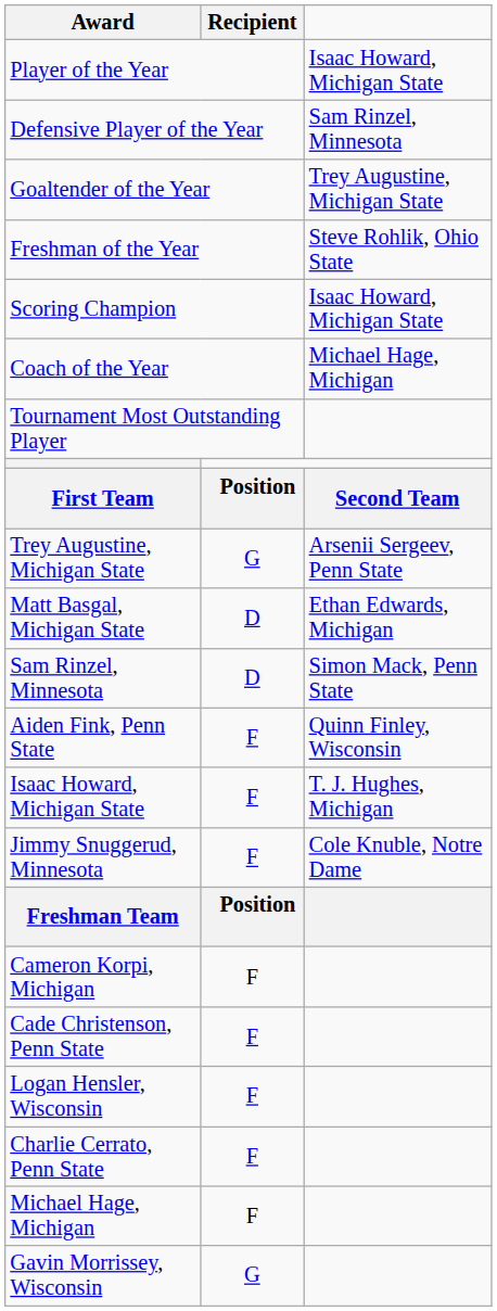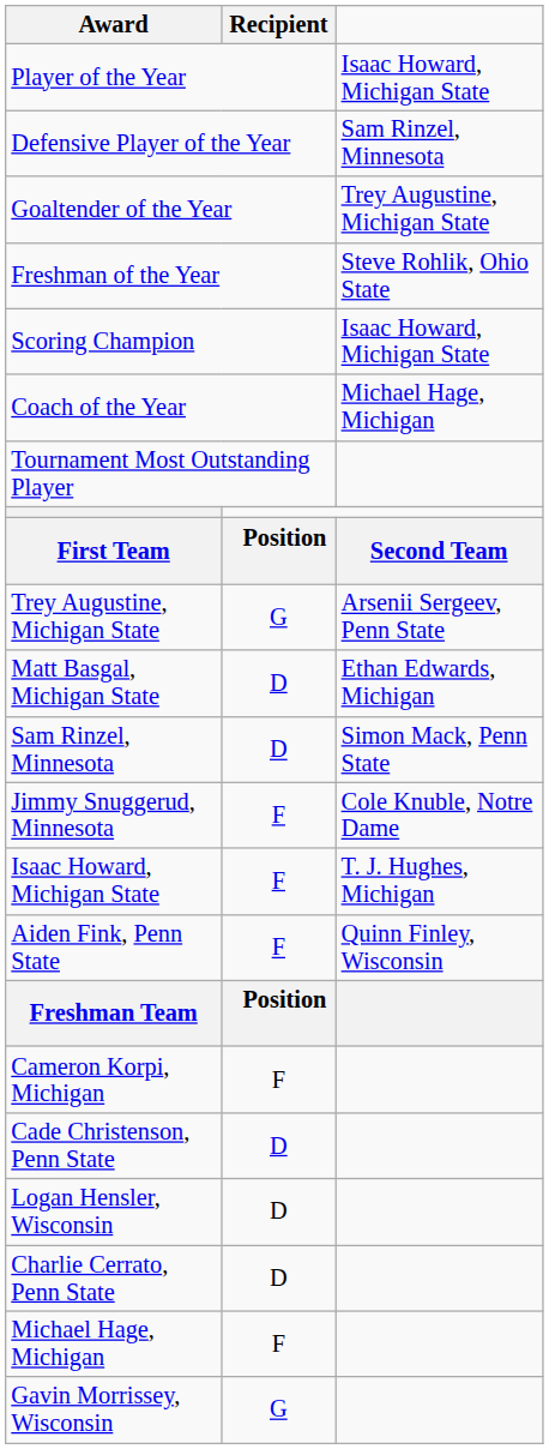 <table class="wikitable" width=40%>
 <tr>
 <th>Award</th>
 <th>Recipient </th>
 </tr>
 <tr>
 <td colspan=2><a href='#'>Player of the Year</a></td>
 <td><a href='#'>Isaac Howard</a>, <a href='#'>Michigan State</a></td>
 </tr>
 <tr>
 <td colspan=2><a href='#'>Defensive Player of the Year</a></td>
 <td><a href='#'>Sam Rinzel</a>, <a href='#'>Minnesota</a></td>
 </tr>
 <tr>
 <td colspan=2><a href='#'>Goaltender of the Year</a></td>
 <td><a href='#'>Trey Augustine</a>, <a href='#'>Michigan State</a></td>
 </tr>
 <tr>
 <td colspan=2><a href='#'>Freshman of the Year</a></td>
 <td><a href='#'>Steve Rohlik</a>, <a href='#'>Ohio State</a></td>
 </tr>
 <tr>
 <td colspan=2><a href='#'>Scoring Champion</a></td>
 <td><a href='#'>Isaac Howard</a>, <a href='#'>Michigan State</a></td>
 </tr>
 <tr>
 <td colspan=2><a href='#'>Coach of the Year</a></td>
 <td><a href='#'>Michael Hage</a>, <a href='#'>Michigan</a></td>
 </tr>
 <tr>
 <td colspan=2><a href='#'>Tournament Most Outstanding Player</a></td>
 <td></td>
 </tr>
 <tr>
 <th><a href='#'></a></th>
 </tr>
 <tr>
 <th><a href='#'>First Team</a></th>
 <th>  Position  </th>
 <th><a href='#'>Second Team</a></th>
 </tr>
 <tr>
 <td><a href='#'>Trey Augustine</a>, <a href='#'>Michigan State</a></td>
 <td align=center><a href='#'>G</a></td>
 <td><a href='#'>Arsenii Sergeev</a>, <a href='#'>Penn State</a></td>
 </tr>
 <tr>
 <td><a href='#'>Matt Basgal</a>, <a href='#'>Michigan State</a></td>
 <td align=center><a href='#'>D</a></td>
 <td><a href='#'>Ethan Edwards</a>, <a href='#'>Michigan</a></td>
 </tr>
 <tr>
 <td><a href='#'>Sam Rinzel</a>, <a href='#'>Minnesota</a></td>
 <td align=center><a href='#'>D</a></td>
 <td><a href='#'>Simon Mack</a>, <a href='#'>Penn State</a></td>
 </tr>
 <tr>
-<td><a href='#'>Aiden Fink</a>, <a href='#'>Penn State</a></td>
+<td><a href='#'>Jimmy Snuggerud</a>, <a href='#'>Minnesota</a></td>
 <td align=center><a href='#'>F</a></td>
-<td><a href='#'>Quinn Finley</a>, <a href='#'>Wisconsin</a></td>
+<td><a href='#'>Cole Knuble</a>, <a href='#'>Notre Dame</a></td>
 </tr>
 <tr>
 <td><a href='#'>Isaac Howard</a>, <a href='#'>Michigan State</a></td>
 <td align=center><a href='#'>F</a></td>
 <td><a href='#'>T. J. Hughes</a>, <a href='#'>Michigan</a></td>
 </tr>
 <tr>
-<td><a href='#'>Jimmy Snuggerud</a>, <a href='#'>Minnesota</a></td>
+<td><a href='#'>Aiden Fink</a>, <a href='#'>Penn State</a></td>
 <td align=center><a href='#'>F</a></td>
-<td><a href='#'>Cole Knuble</a>, <a href='#'>Notre Dame</a></td>
+<td><a href='#'>Quinn Finley</a>, <a href='#'>Wisconsin</a></td>
 </tr>
 <tr>
 <th><a href='#'>Freshman Team</a></th>
 <th>  Position  </th>
 <th></th>
 </tr>
 <tr>
 <td><a href='#'>Cameron Korpi</a>, <a href='#'>Michigan</a></td>
 <td align=center>F</td>
 <td></td>
 </tr>
 <tr>
 <td><a href='#'>Cade Christenson</a>, <a href='#'>Penn State</a></td>
-<td align=center><a href='#'>F</a></td>
+<td align=center><a href='#'>D</a></td>
 <td></td>
 </tr>
 <tr>
 <td><a href='#'>Logan Hensler</a>, <a href='#'>Wisconsin</a></td>
-<td align=center><a href='#'>F</a></td>
+<td align=center>D</td>
 <td></td>
 </tr>
 <tr>
 <td><a href='#'>Charlie Cerrato</a>, <a href='#'>Penn State</a></td>
-<td align=center><a href='#'>F</a></td>
+<td align=center>D</td>
 <td></td>
 </tr>
 <tr>
 <td><a href='#'>Michael Hage</a>, <a href='#'>Michigan</a></td>
 <td align=center>F</td>
 <td></td>
 </tr>
 <tr>
 <td><a href='#'>Gavin Morrissey</a>, <a href='#'>Wisconsin</a></td>
 <td align=center><a href='#'>G</a></td>
 <td></td>
 </tr>
 <tr>
 </tr>
 </table>
